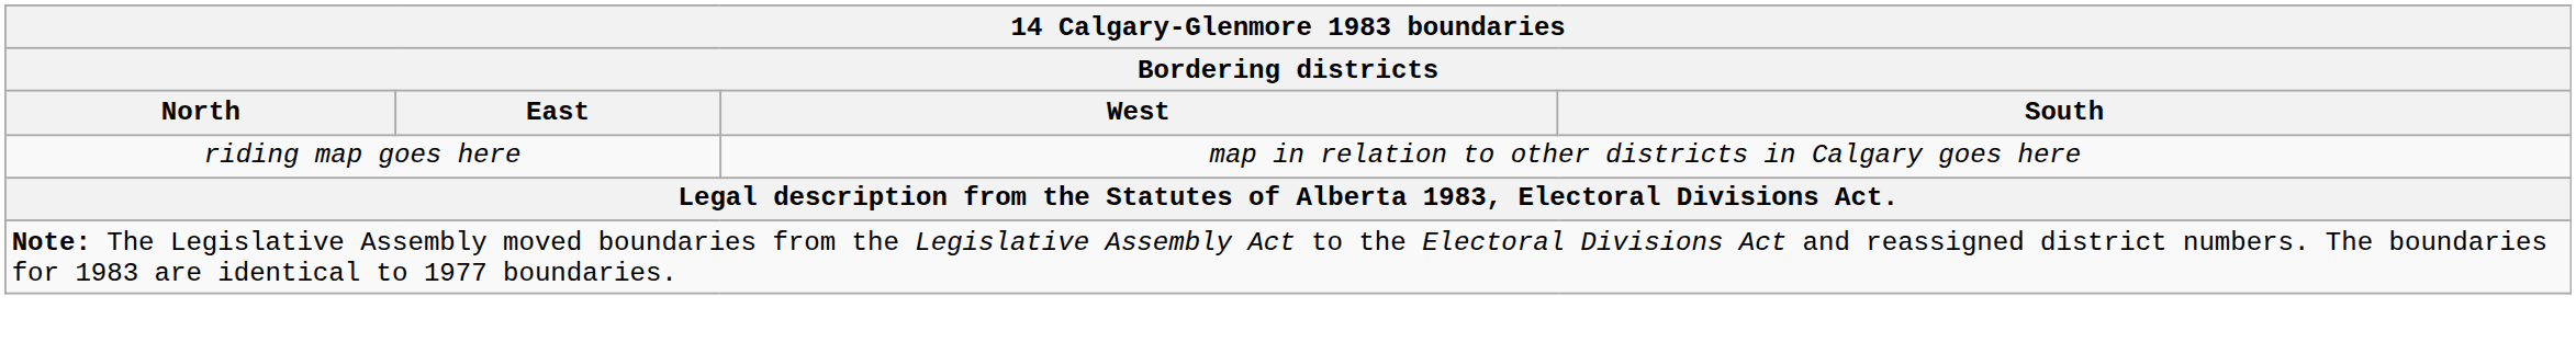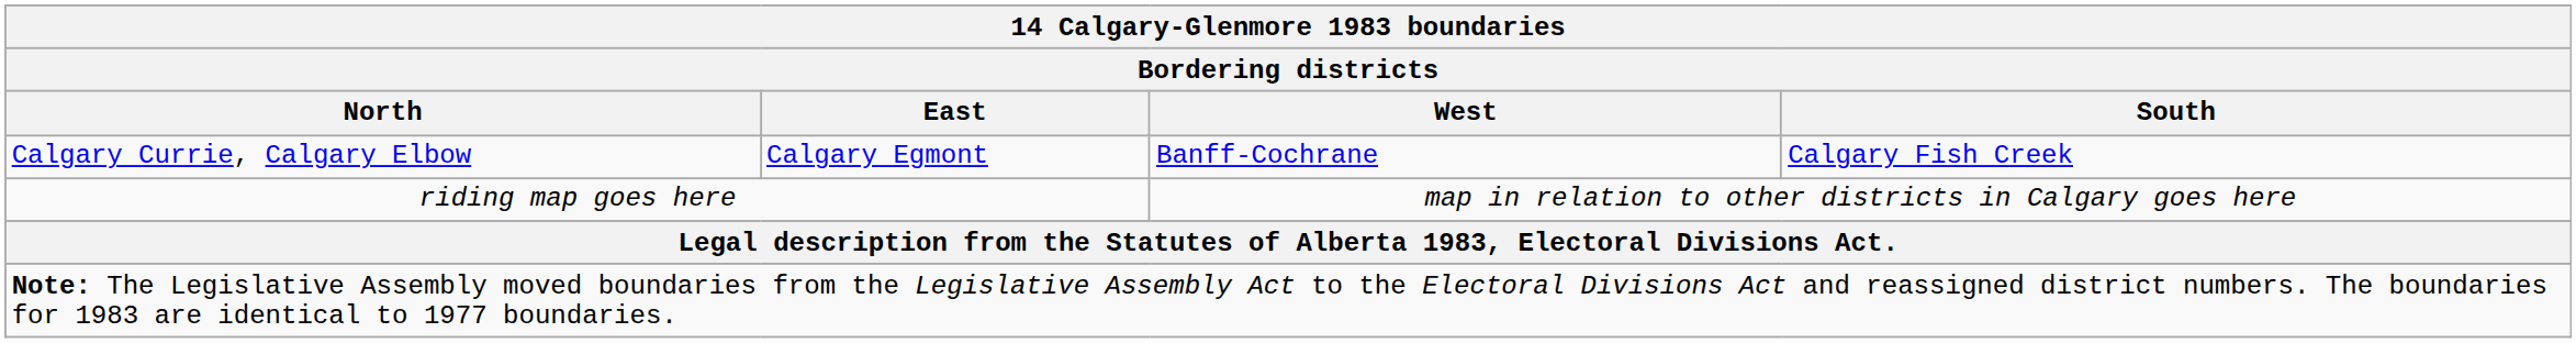 <table class="wikitable collapsible collapsed" style="width:100%;">
 <tr>
 <th colspan=4>14 Calgary-Glenmore 1983 boundaries</th>
 </tr>
 <tr>
 <th colspan=4>Bordering districts</th>
 </tr>
 <tr>
 <th>North</th>
 <th>East</th>
 <th>West</th>
 <th>South</th>
 </tr>
 <tr>
+<td><a href='#'>Calgary Currie</a>, <a href='#'>Calgary Elbow</a></td>
+<td><a href='#'>Calgary Egmont</a></td>
+<td><a href='#'>Banff-Cochrane</a></td>
+<td><a href='#'>Calgary Fish Creek</a></td>
+</tr>
+<tr>
 <td colspan=2 align=center><em>riding map goes here</em></td>
 <td colspan=2 align=center><em>map in relation to other districts in Calgary goes here</em></td>
 </tr>
 <tr>
 <th colspan=4>Legal description from the Statutes of Alberta 1983, Electoral Divisions Act.</th>
 </tr>
 <tr>
 <td colspan=4><strong>Note:</strong> The Legislative Assembly moved boundaries from the <em>Legislative Assembly Act</em> to the <em>Electoral Divisions Act</em> and reassigned district numbers. The boundaries for 1983 are identical to 1977 boundaries.</td>
 </tr>
 </table>
